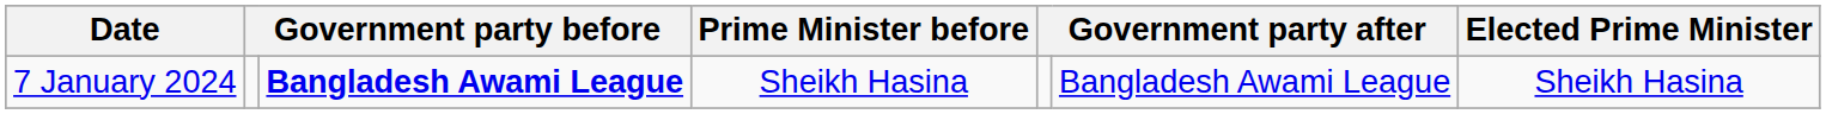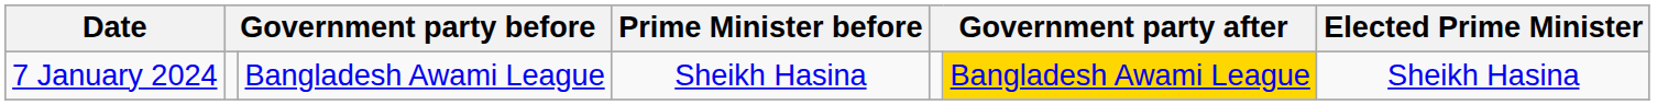 <table class="wikitable">
 <tr>
 <th>Date</th>
 <th colspan="2">Government party before</th>
 <th>Prime Minister before</th>
 <th colspan="2">Government party after</th>
 <th>Elected Prime Minister</th>
 </tr>
 <tr style="text-align:center;">
 <td><a href='#'>7 January 2024</a></td>
 <td></td>
-<td><strong><a href='#'>Bangladesh Awami League</a></strong></td>
+<td><a href='#'>Bangladesh Awami League</a></td>
 <td><a href='#'>Sheikh Hasina</a></td>
 <td></td>
-<td><a href='#'>Bangladesh Awami League</a></td>
+<td style="background: gold;"><a href='#'>Bangladesh Awami League</a></td>
 <td><a href='#'>Sheikh Hasina</a></td>
 </tr>
 </table>
